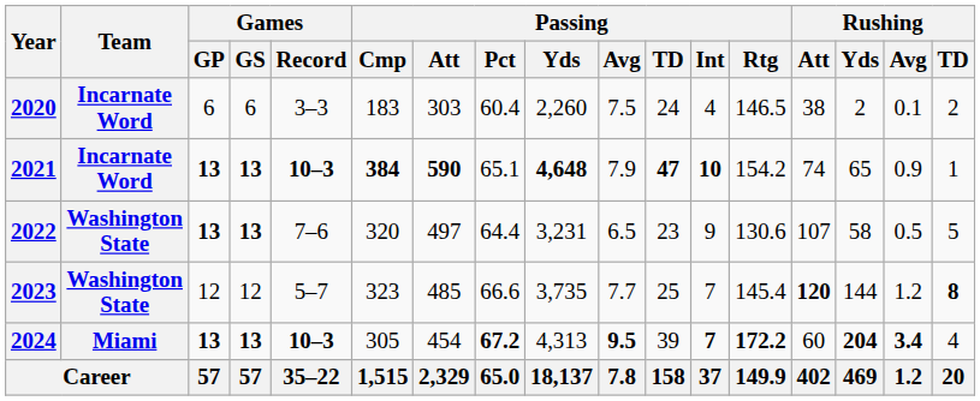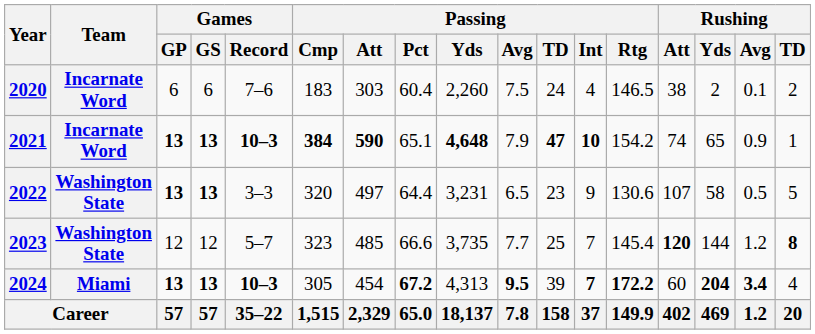 <table class="wikitable" style="text-align:center;">
 <tr>
 <th rowspan="2">Year</th>
 <th rowspan="2">Team</th>
 <th colspan="3">Games</th>
 <th colspan="8">Passing</th>
 <th colspan="5">Rushing</th>
 </tr>
 <tr>
 <th>GP</th>
 <th>GS</th>
 <th>Record</th>
 <th>Cmp</th>
 <th>Att</th>
 <th>Pct</th>
 <th>Yds</th>
 <th>Avg</th>
 <th>TD</th>
 <th>Int</th>
 <th>Rtg</th>
 <th>Att</th>
 <th>Yds</th>
 <th>Avg</th>
 <th>TD</th>
 </tr>
 <tr>
 <th><a href='#'>2020</a></th>
 <th><a href='#'>Incarnate Word</a></th>
 <td>6</td>
 <td>6</td>
-<td>3–3</td>
+<td>7–6</td>
 <td>183</td>
 <td>303</td>
 <td>60.4</td>
 <td>2,260</td>
 <td>7.5</td>
 <td>24</td>
 <td>4</td>
 <td>146.5</td>
 <td>38</td>
 <td>2</td>
 <td>0.1</td>
 <td>2</td>
 </tr>
 <tr>
 <th><a href='#'>2021</a></th>
 <th><a href='#'>Incarnate Word</a></th>
 <td><strong>13</strong></td>
 <td><strong>13</strong></td>
 <td><strong>10–3</strong></td>
 <td><strong>384</strong></td>
 <td><strong>590</strong></td>
 <td>65.1</td>
 <td><strong>4,648</strong></td>
 <td>7.9</td>
 <td><strong>47</strong></td>
 <td><strong>10</strong></td>
 <td>154.2</td>
 <td>74</td>
 <td>65</td>
 <td>0.9</td>
 <td>1</td>
 </tr>
 <tr>
 <th><a href='#'>2022</a></th>
 <th><a href='#'>Washington State</a></th>
 <td><strong>13</strong></td>
 <td><strong>13</strong></td>
-<td>7–6</td>
+<td>3–3</td>
 <td>320</td>
 <td>497</td>
 <td>64.4</td>
 <td>3,231</td>
 <td>6.5</td>
 <td>23</td>
 <td>9</td>
 <td>130.6</td>
 <td>107</td>
 <td>58</td>
 <td>0.5</td>
 <td>5</td>
 </tr>
 <tr>
 <th><a href='#'>2023</a></th>
 <th><a href='#'>Washington State</a></th>
 <td>12</td>
 <td>12</td>
 <td>5–7</td>
 <td>323</td>
 <td>485</td>
 <td>66.6</td>
 <td>3,735</td>
 <td>7.7</td>
 <td>25</td>
 <td>7</td>
 <td>145.4</td>
 <td><strong>120</strong></td>
 <td>144</td>
 <td>1.2</td>
 <td><strong>8</strong></td>
 </tr>
 <tr>
 <th><a href='#'>2024</a></th>
 <th><a href='#'>Miami</a></th>
 <td><strong>13</strong></td>
 <td><strong>13</strong></td>
 <td><strong>10–3</strong></td>
 <td>305</td>
 <td>454</td>
 <td><strong>67.2</strong></td>
 <td>4,313</td>
 <td><strong>9.5</strong></td>
 <td>39</td>
 <td><strong>7</strong></td>
 <td><strong>172.2</strong></td>
 <td>60</td>
 <td><strong>204</strong></td>
 <td><strong>3.4</strong></td>
 <td>4</td>
 </tr>
 <tr>
 <th colspan="2">Career</th>
 <th>57</th>
 <th>57</th>
 <th>35–22</th>
 <th>1,515</th>
 <th>2,329</th>
 <th>65.0</th>
 <th>18,137</th>
 <th>7.8</th>
 <th>158</th>
 <th>37</th>
 <th>149.9</th>
 <th>402</th>
 <th>469</th>
 <th>1.2</th>
 <th>20</th>
 </tr>
 </table>
